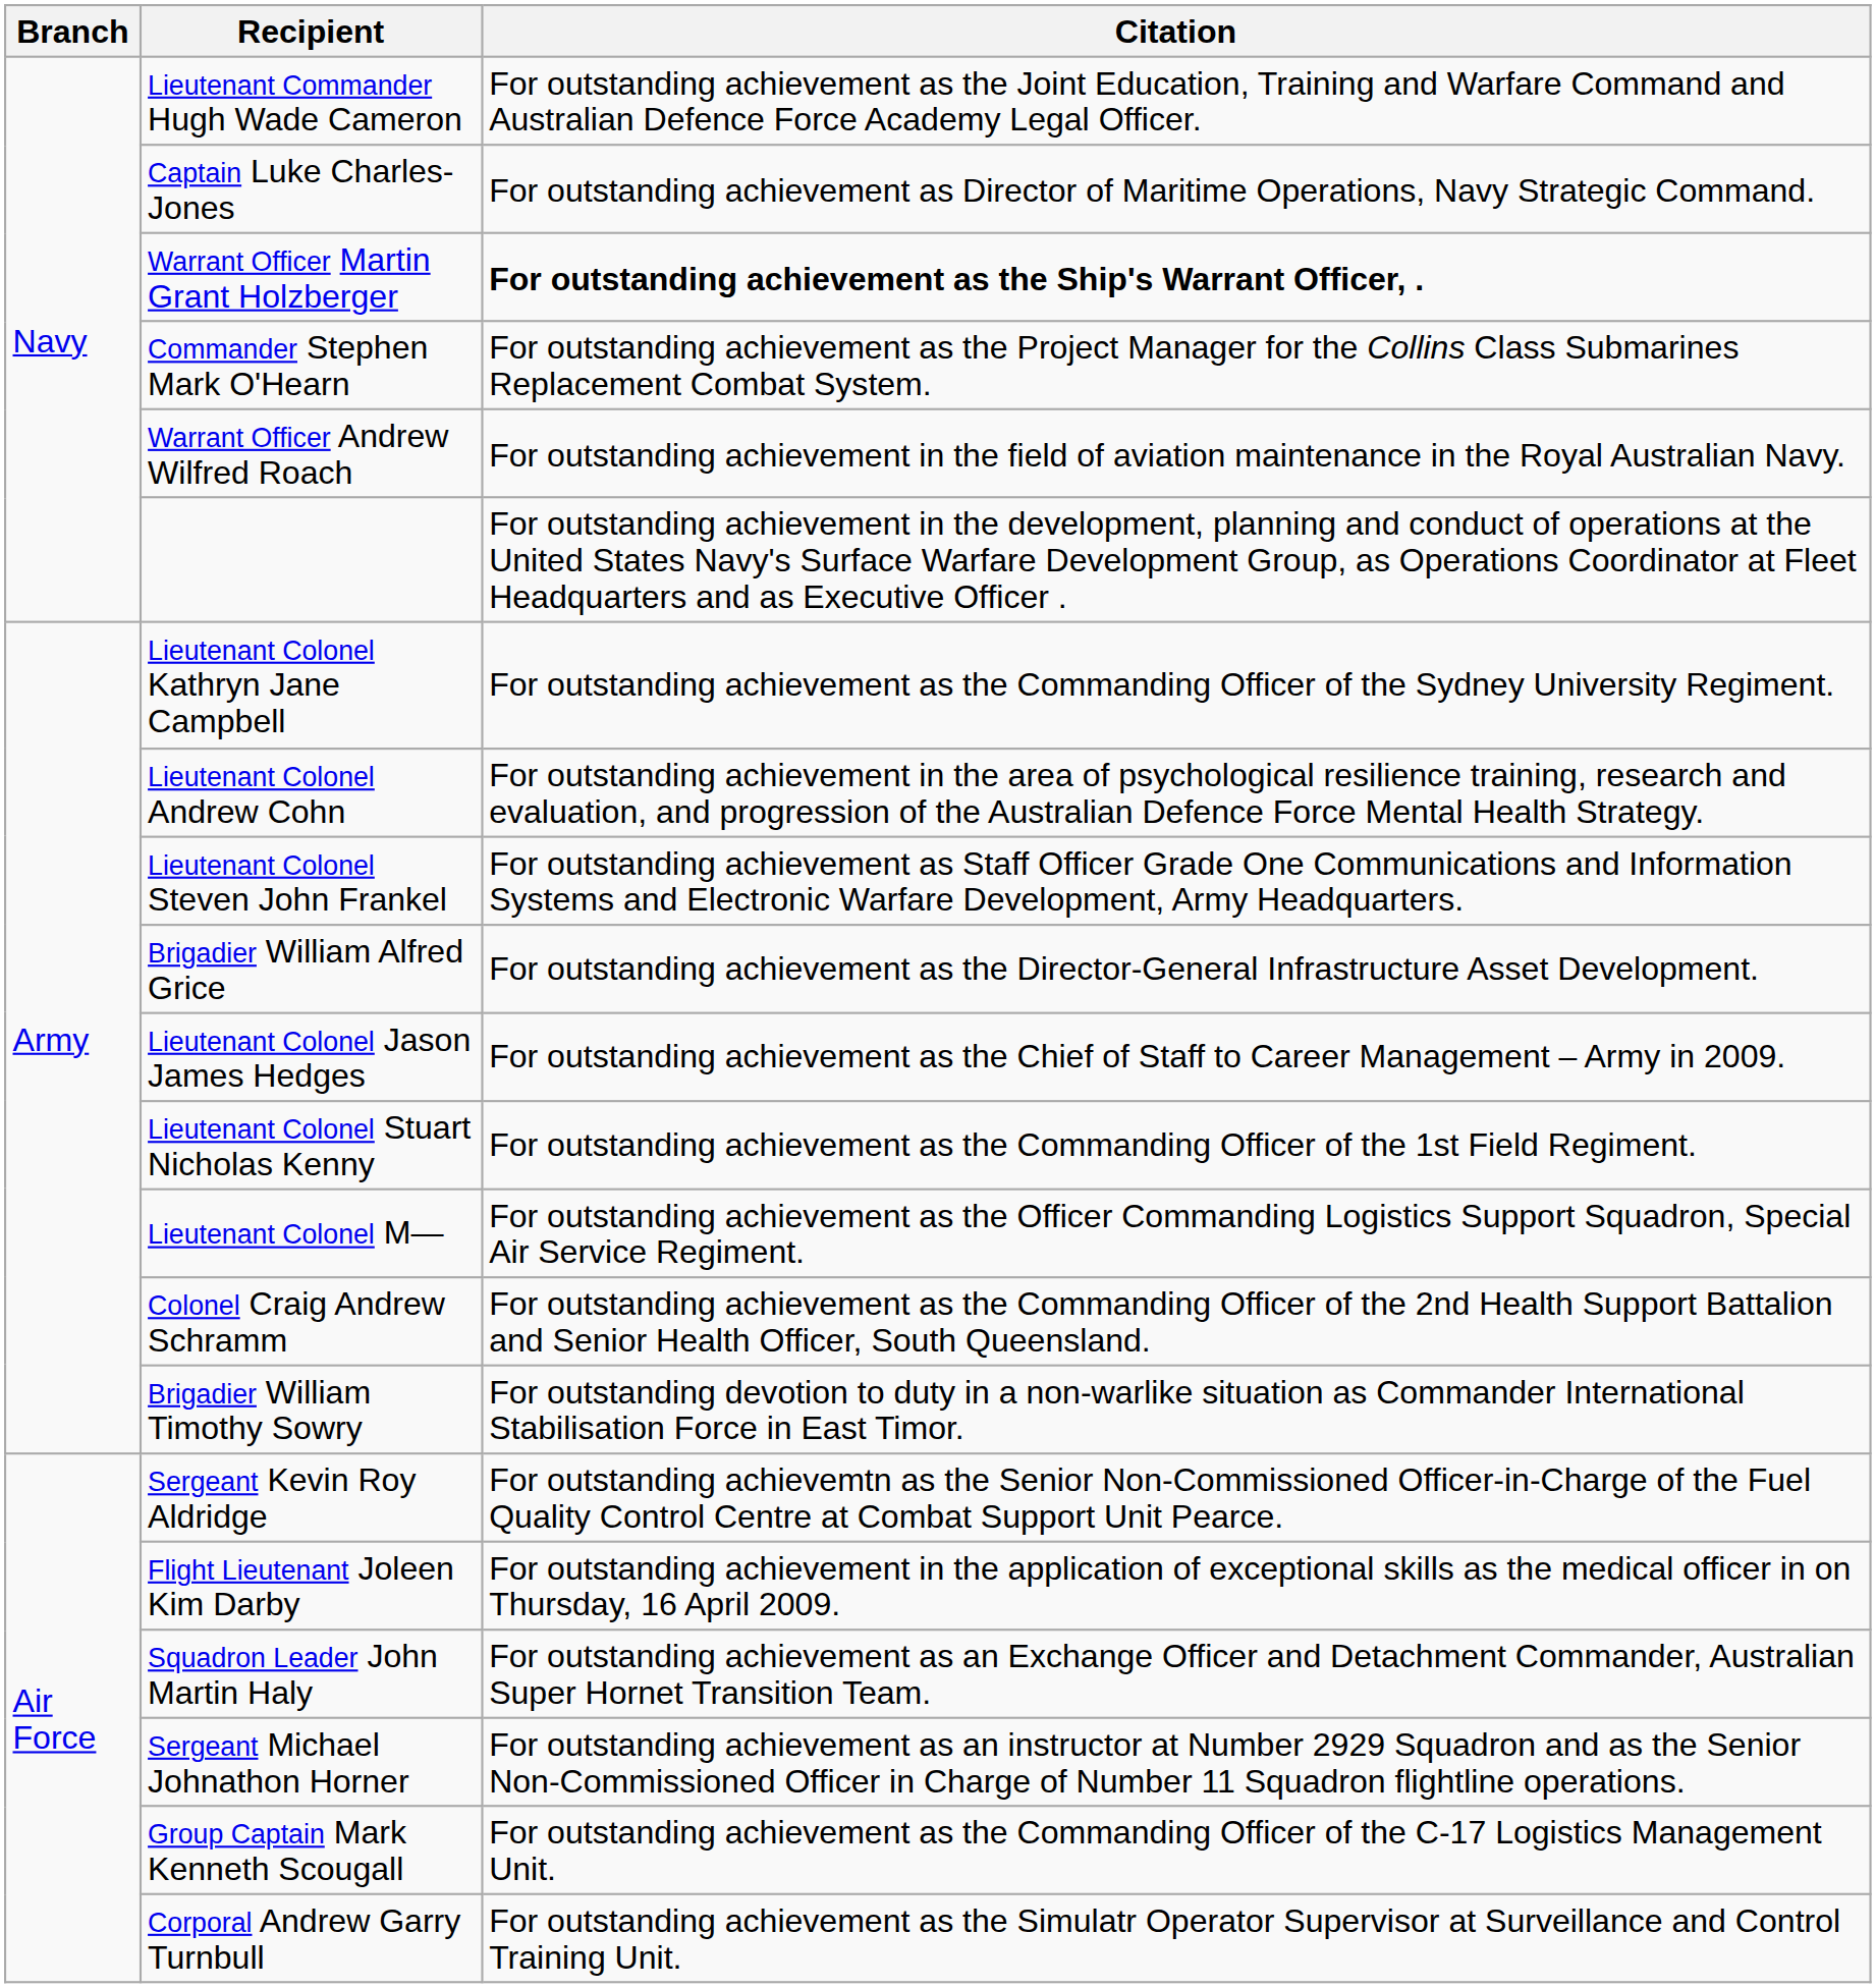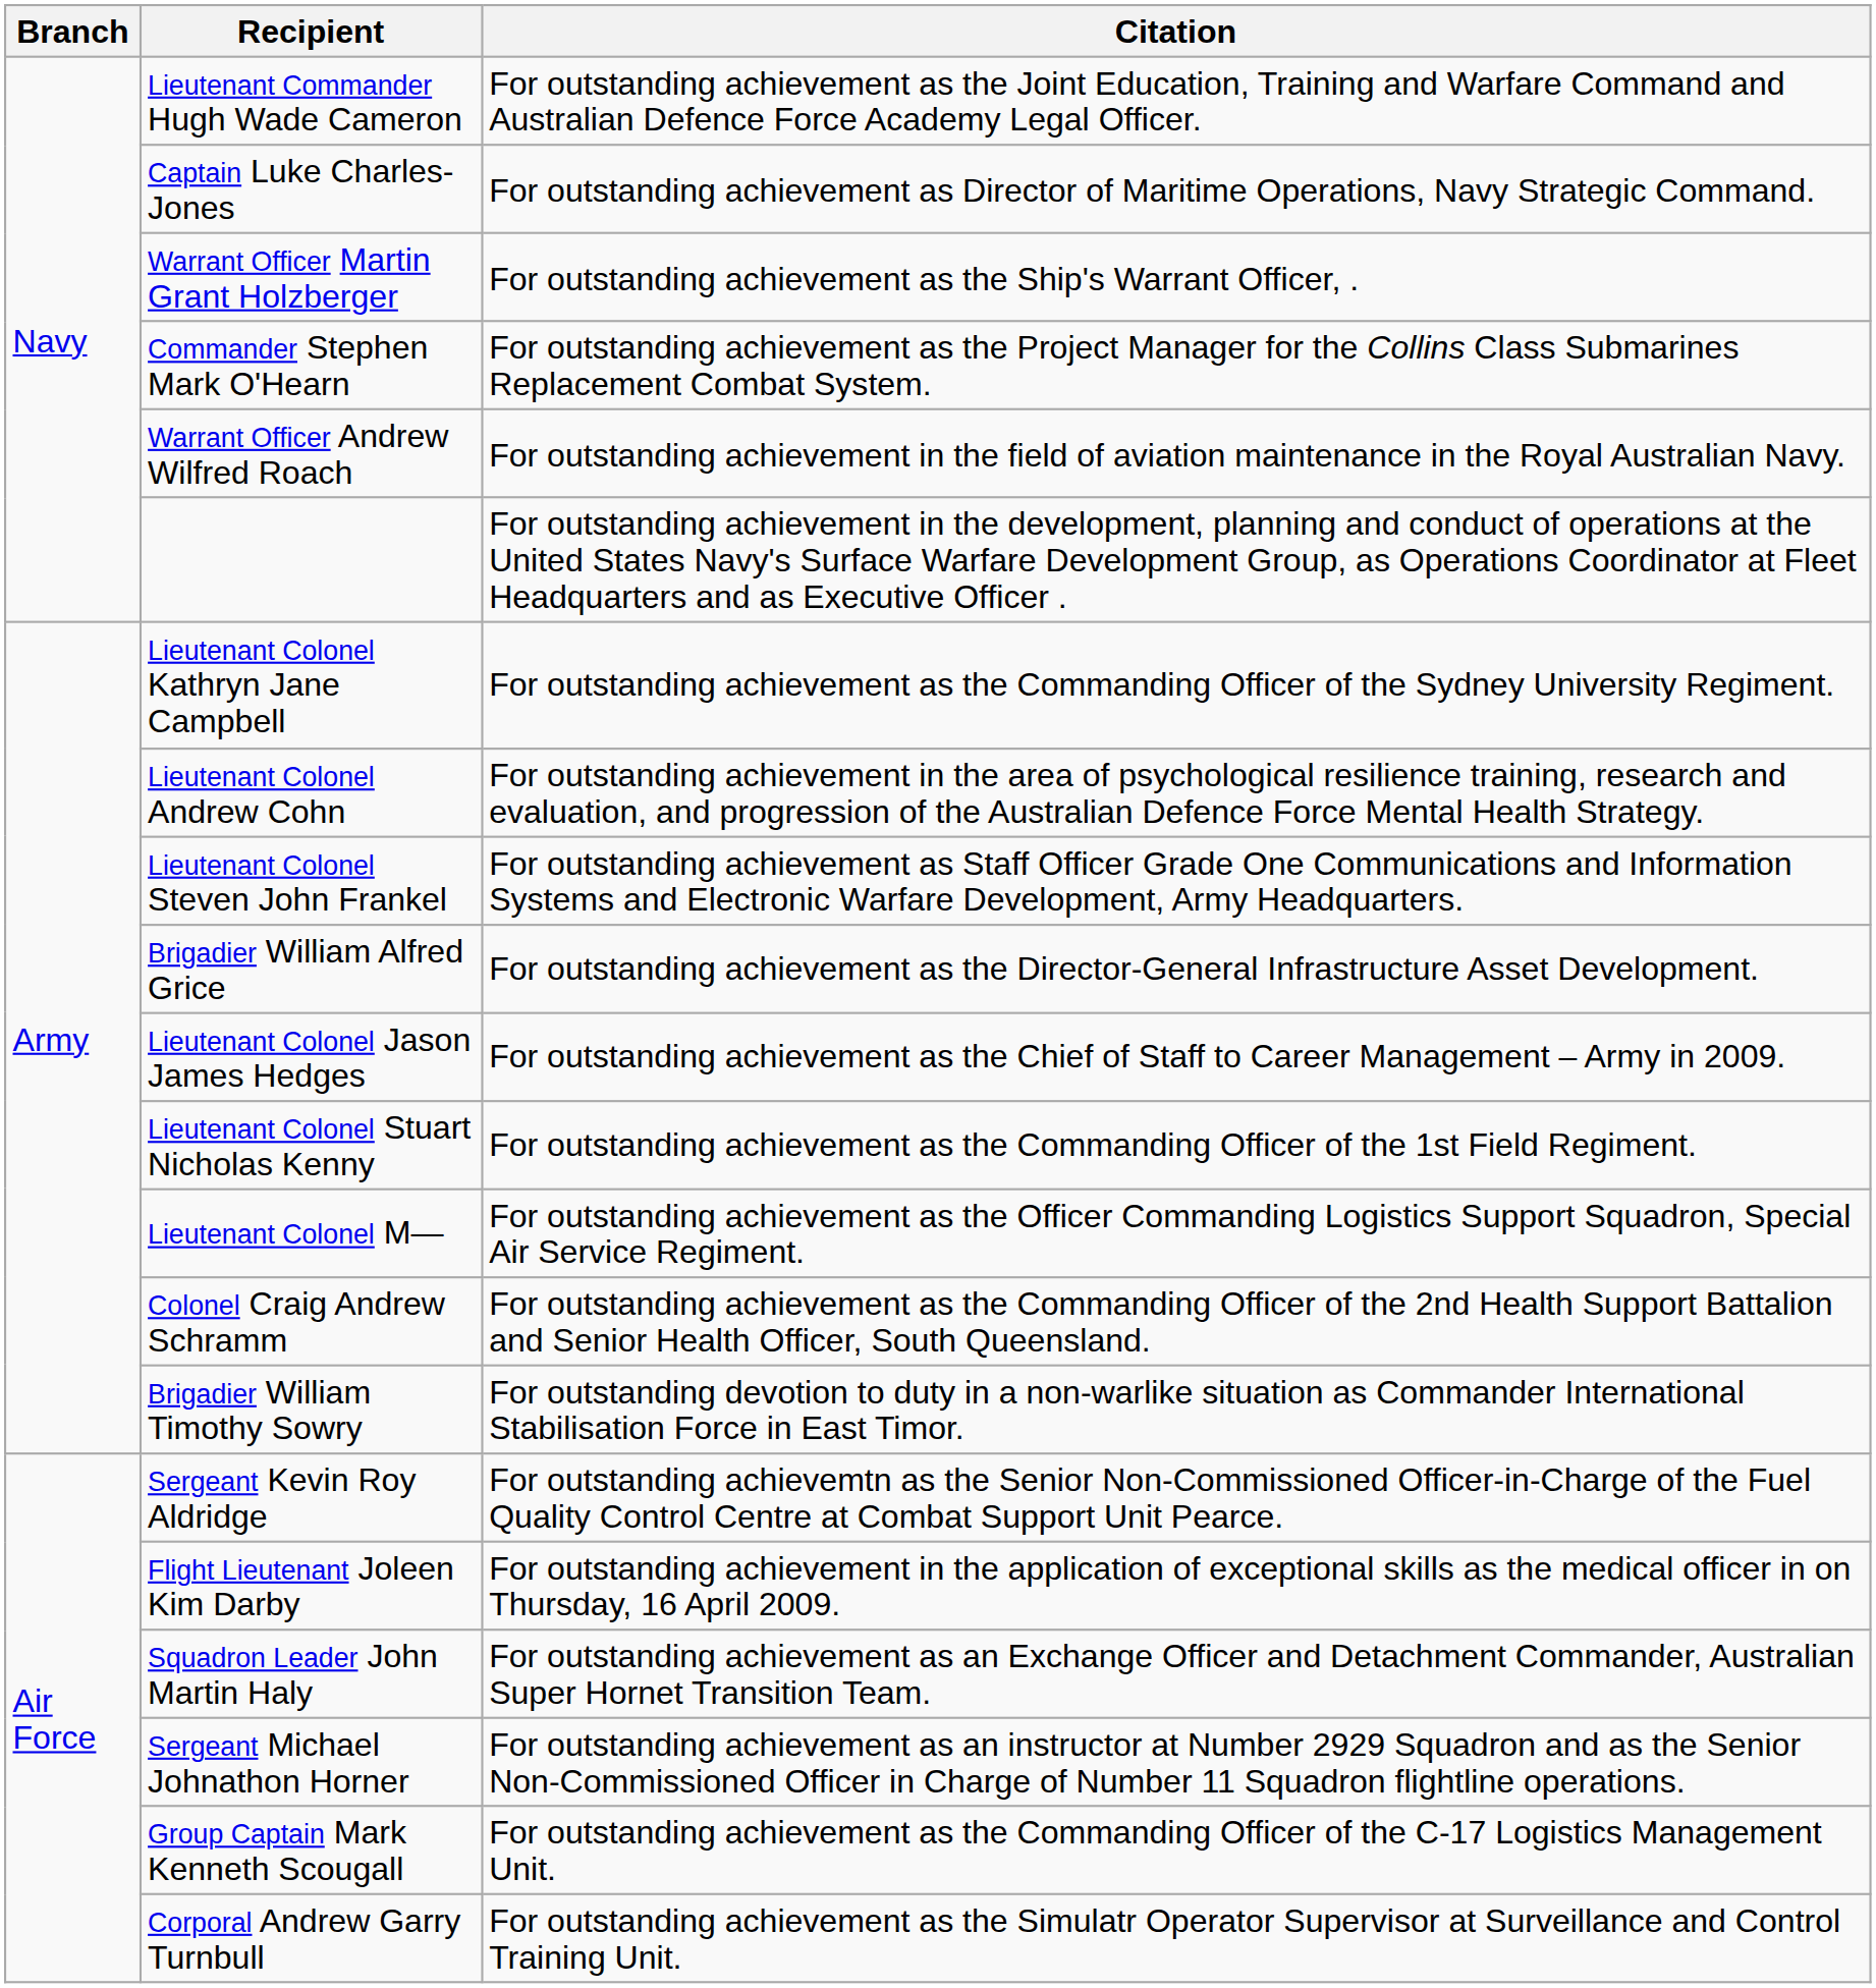 <table class="wikitable" style="font-size:95%;">
 <tr>
 <th>Branch</th>
 <th>Recipient</th>
 <th>Citation</th>
 </tr>
 <tr>
 <td rowspan="6"><a href='#'>Navy</a></td>
 <td><small><a href='#'>Lieutenant Commander</a></small> Hugh Wade Cameron </td>
 <td>For outstanding achievement as the Joint Education, Training and Warfare Command and Australian Defence Force Academy Legal Officer.</td>
 </tr>
 <tr>
 <td><small><a href='#'>Captain</a></small> Luke Charles-Jones </td>
 <td>For outstanding achievement as Director of Maritime Operations, Navy Strategic Command.</td>
 </tr>
 <tr>
 <td><small><a href='#'>Warrant Officer</a></small> <a href='#'>Martin Grant Holzberger</a></td>
-<td><strong>For outstanding achievement as the Ship's Warrant Officer, .</strong></td>
+<td>For outstanding achievement as the Ship's Warrant Officer, .</td>
 </tr>
 <tr>
 <td><small><a href='#'>Commander</a></small> Stephen Mark O'Hearn </td>
 <td>For outstanding achievement as the Project Manager for the <em>Collins</em> Class Submarines Replacement Combat System.</td>
 </tr>
 <tr>
 <td><small><a href='#'>Warrant Officer</a></small> Andrew Wilfred Roach</td>
 <td>For outstanding achievement in the field of aviation maintenance in the Royal Australian Navy.</td>
 </tr>
 <tr>
 <td></td>
 <td>For outstanding achievement in the development, planning and conduct of operations at the United States Navy's Surface Warfare Development Group, as Operations Coordinator at Fleet Headquarters and as Executive Officer .</td>
 </tr>
 <tr>
 <td rowspan="9"><a href='#'>Army</a></td>
 <td><small><a href='#'>Lieutenant Colonel</a></small> Kathryn Jane Campbell</td>
 <td>For outstanding achievement as the Commanding Officer of the Sydney University Regiment.</td>
 </tr>
 <tr>
 <td><small><a href='#'>Lieutenant Colonel</a></small> Andrew Cohn</td>
 <td>For outstanding achievement in the area of psychological resilience training, research and evaluation, and progression of the Australian Defence Force Mental Health Strategy.</td>
 </tr>
 <tr>
 <td><small><a href='#'>Lieutenant Colonel</a></small> Steven John Frankel</td>
 <td>For outstanding achievement as Staff Officer Grade One Communications and Information Systems and Electronic Warfare Development, Army Headquarters.</td>
 </tr>
 <tr>
 <td><small><a href='#'>Brigadier</a></small> William Alfred Grice</td>
 <td>For outstanding achievement as the Director-General Infrastructure Asset Development.</td>
 </tr>
 <tr>
 <td><small><a href='#'>Lieutenant Colonel</a></small> Jason James Hedges</td>
 <td>For outstanding achievement as the Chief of Staff to Career Management – Army in 2009.</td>
 </tr>
 <tr>
 <td><small><a href='#'>Lieutenant Colonel</a></small> Stuart Nicholas Kenny</td>
 <td>For outstanding achievement as the Commanding Officer of the 1st Field Regiment.</td>
 </tr>
 <tr>
 <td><small><a href='#'>Lieutenant Colonel</a></small> M—</td>
 <td>For outstanding achievement as the Officer Commanding Logistics Support Squadron, Special Air Service Regiment.</td>
 </tr>
 <tr>
 <td><small><a href='#'>Colonel</a></small> Craig Andrew Schramm</td>
 <td>For outstanding achievement as the Commanding Officer of the 2nd Health Support Battalion and Senior Health Officer, South Queensland.</td>
 </tr>
 <tr>
 <td><small><a href='#'>Brigadier</a></small> William Timothy Sowry</td>
 <td>For outstanding devotion to duty in a non-warlike situation as Commander International Stabilisation Force in East Timor.</td>
 </tr>
 <tr>
 <td rowspan="6"><a href='#'>Air Force</a></td>
 <td><small><a href='#'>Sergeant</a></small> Kevin Roy Aldridge</td>
 <td>For outstanding achievemtn as the Senior Non-Commissioned Officer-in-Charge of the Fuel Quality Control Centre at Combat Support Unit Pearce.</td>
 </tr>
 <tr>
 <td><small><a href='#'>Flight Lieutenant</a></small> Joleen Kim Darby</td>
 <td>For outstanding achievement in the application of exceptional skills as the medical officer in  on Thursday, 16 April 2009.</td>
 </tr>
 <tr>
 <td><small><a href='#'>Squadron Leader</a></small> John Martin Haly</td>
 <td>For outstanding achievement as an Exchange Officer and Detachment Commander, Australian Super Hornet Transition Team.</td>
 </tr>
 <tr>
 <td><small><a href='#'>Sergeant</a></small> Michael Johnathon Horner</td>
 <td>For outstanding achievement as an instructor at Number 2929 Squadron and as the Senior Non-Commissioned Officer in Charge of Number 11 Squadron flightline operations.</td>
 </tr>
 <tr>
 <td><small><a href='#'>Group Captain</a></small> Mark Kenneth Scougall</td>
 <td>For outstanding achievement as the Commanding Officer of the C-17 Logistics Management Unit.</td>
 </tr>
 <tr>
 <td><small><a href='#'>Corporal</a></small> Andrew Garry Turnbull</td>
 <td>For outstanding achievement as the Simulatr Operator Supervisor at Surveillance and Control Training Unit.</td>
 </tr>
 </table>
